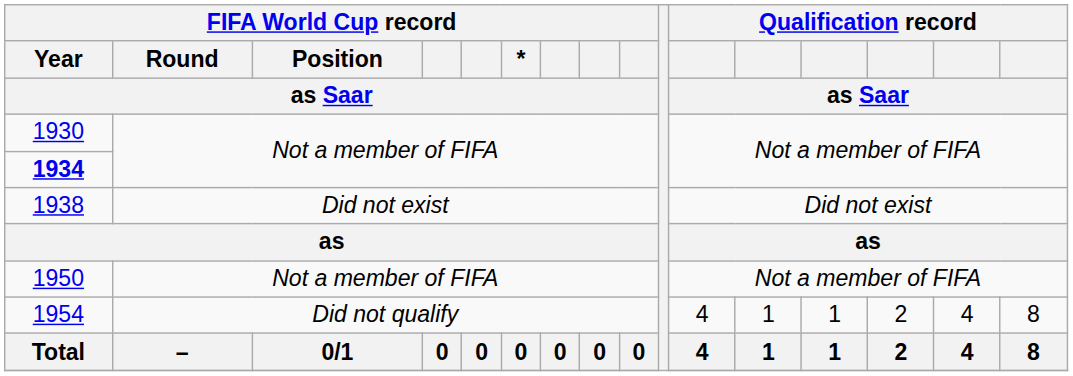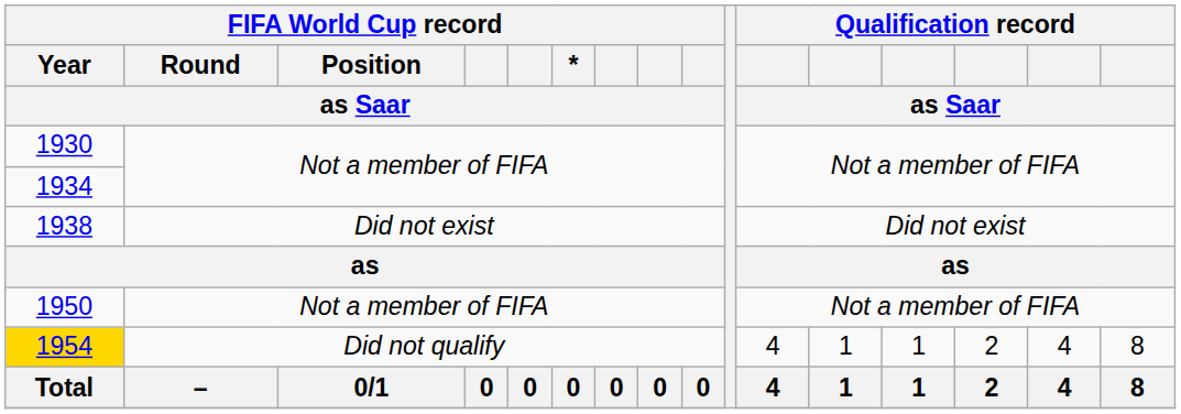 <table class="wikitable" style="text-align: center;">
 <tr>
 <th colspan=9><a href='#'>FIFA World Cup</a> record</th>
 <th style="width:1%" rowspan=26></th>
 <th colspan=8><a href='#'>Qualification</a> record</th>
 </tr>
 <tr>
 <th>Year</th>
 <th>Round</th>
 <th>Position</th>
 <th></th>
 <th></th>
 <th>*</th>
 <th></th>
 <th></th>
 <th></th>
 <th></th>
 <th></th>
 <th></th>
 <th></th>
 <th></th>
 <th></th>
 </tr>
 <tr>
 <th colspan=9>as  <a href='#'>Saar</a></th>
 <th colspan=6>as  <a href='#'>Saar</a></th>
 </tr>
 <tr>
 <td> <a href='#'>1930</a></td>
 <td rowspan=2 colspan=8><em>Not a member of FIFA</em></td>
 <td rowspan=2 colspan=6><em>Not a member of FIFA</em></td>
 </tr>
 <tr>
-<td><strong> <a href='#'>1934</a></strong></td>
+<td> <a href='#'>1934</a></td>
 </tr>
 <tr>
 <td> <a href='#'>1938</a></td>
 <td colspan=8><em>Did not exist</em></td>
 <td colspan=6><em>Did not exist</em></td>
 </tr>
 <tr>
 <th colspan=9>as </th>
 <th colspan=6>as </th>
 </tr>
 <tr>
 <td> <a href='#'>1950</a></td>
 <td colspan=8><em>Not a member of FIFA</em></td>
 <td colspan=6><em>Not a member of FIFA</em></td>
 </tr>
 <tr>
-<td> <a href='#'>1954</a></td>
+<td style="background: gold;"> <a href='#'>1954</a></td>
 <td colspan=8><em>Did not qualify</em></td>
 <td>4</td>
 <td>1</td>
 <td>1</td>
 <td>2</td>
 <td>4</td>
 <td>8</td>
 </tr>
 <tr>
 <th>Total</th>
 <th>–</th>
 <th>0/1</th>
 <th>0</th>
 <th>0</th>
 <th>0</th>
 <th>0</th>
 <th>0</th>
 <th>0</th>
 <th>4</th>
 <th>1</th>
 <th>1</th>
 <th>2</th>
 <th>4</th>
 <th>8</th>
 </tr>
 <tr>
 </tr>
 </table>
